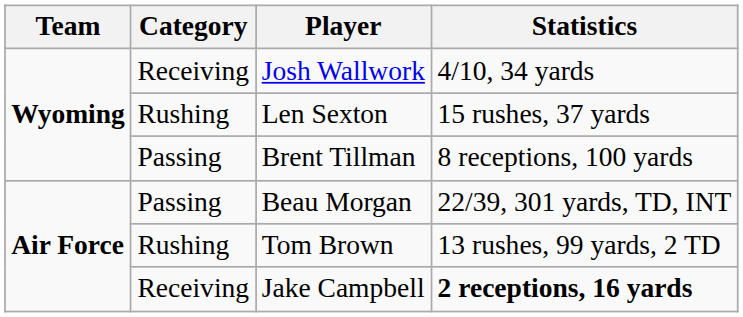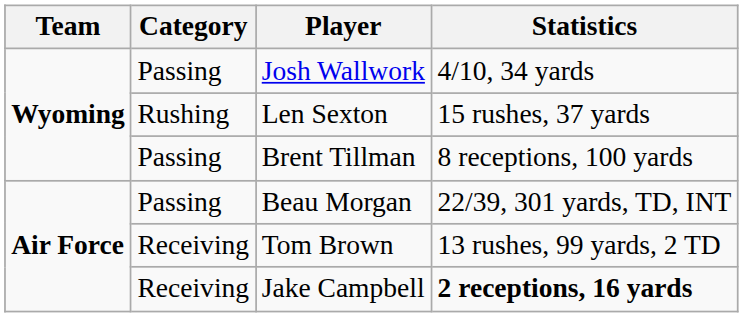 <table class="wikitable" style="float: right;">
 <tr>
 <th>Team</th>
 <th>Category</th>
 <th>Player</th>
 <th>Statistics</th>
 </tr>
 <tr>
 <td rowspan=3><strong>Wyoming</strong></td>
-<td>Receiving</td>
+<td>Passing</td>
 <td><a href='#'>Josh Wallwork</a></td>
 <td>4/10, 34 yards</td>
 </tr>
 <tr>
 <td>Rushing</td>
 <td>Len Sexton</td>
 <td>15 rushes, 37 yards</td>
 </tr>
 <tr>
 <td>Passing</td>
 <td>Brent Tillman</td>
 <td>8 receptions, 100 yards</td>
 </tr>
 <tr>
 <td rowspan=3><strong>Air Force</strong></td>
 <td>Passing</td>
 <td>Beau Morgan</td>
 <td>22/39, 301 yards, TD, INT</td>
 </tr>
 <tr>
-<td>Rushing</td>
+<td>Receiving</td>
 <td>Tom Brown</td>
 <td>13 rushes, 99 yards, 2 TD</td>
 </tr>
 <tr>
 <td>Receiving</td>
 <td>Jake Campbell</td>
 <td><strong>2 receptions, 16 yards</strong></td>
 </tr>
 </table>
